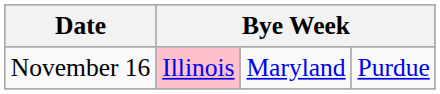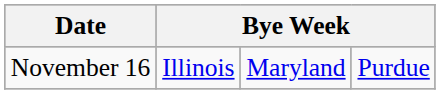 <table class="wikitable" style="font-size:95%;">
 <tr>
 <th>Date</th>
 <th colspan="3">Bye Week</th>
 </tr>
 <tr>
 <td>November 16</td>
-<td style="background: pink;"><a href='#'>Illinois</a></td>
+<td><a href='#'>Illinois</a></td>
 <td><a href='#'>Maryland</a></td>
 <td><a href='#'>Purdue</a></td>
 </tr>
 </table>
